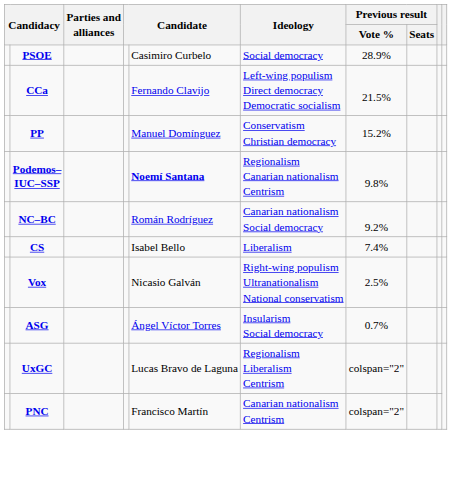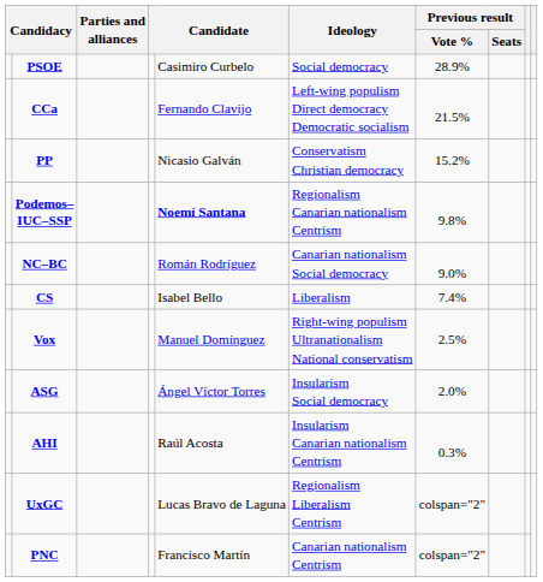 <table class="wikitable" style="line-height:1.35em; text-align:left;">
 <tr>
 <th colspan="2" rowspan="2">Candidacy</th>
 <th rowspan="2">Parties and<br>alliances</th>
 <th colspan="2" rowspan="2">Candidate</th>
 <th rowspan="2">Ideology</th>
 <th colspan="2">Previous result</th>
 <th rowspan="2"></th>
 <th rowspan="2"></th>
 </tr>
 <tr>
 <th>Vote %</th>
 <th>Seats</th>
 </tr>
 <tr>
 <td width="1" style="color:inherit;background:"></td>
 <td align="center"><strong><a href='#'>PSOE</a></strong></td>
 <td></td>
 <td></td>
 <td>Casimiro Curbelo</td>
 <td><a href='#'>Social democracy</a></td>
 <td align="center">28.9%</td>
 <td></td>
 <td></td>
 <td></td>
 </tr>
 <tr>
 <td style="color:inherit;background:"></td>
 <td align="center"><strong><a href='#'>CCa</a></strong></td>
 <td></td>
 <td></td>
 <td><a href='#'>Fernando Clavijo</a></td>
 <td><a href='#'>Left-wing populism</a><br><a href='#'>Direct democracy</a><br><a href='#'>Democratic socialism</a></td>
 <td align="center"><br>21.5%<br></td>
 <td></td>
 <td></td>
 <td></td>
 </tr>
 <tr>
 <td style="color:inherit;background:"></td>
 <td align="center"><strong><a href='#'>PP</a></strong></td>
 <td></td>
 <td></td>
-<td><a href='#'>Manuel Domínguez</a></td>
+<td>Nicasio Galván</td>
 <td><a href='#'>Conservatism</a><br><a href='#'>Christian democracy</a></td>
 <td align="center">15.2%</td>
 <td></td>
 <td></td>
 <td><br></td>
 </tr>
 <tr>
 <td style="color:inherit;background:"></td>
 <td align="center"><strong><a href='#'>Podemos–<br>IUC–SSP</a></strong></td>
 <td></td>
 <td></td>
 <td><strong><a href='#'>Noemí Santana</a></strong></td>
 <td><a href='#'>Regionalism</a><br><a href='#'>Canarian nationalism</a><br><a href='#'>Centrism</a></td>
 <td align="center"><br>9.8%<br></td>
 <td></td>
 <td></td>
 <td><br></td>
 </tr>
 <tr>
 <td style="color:inherit;background:"></td>
 <td align="center"><strong><a href='#'>NC–BC</a></strong></td>
 <td></td>
 <td></td>
 <td><a href='#'>Román Rodríguez</a></td>
 <td><a href='#'>Canarian nationalism</a><br><a href='#'>Social democracy</a></td>
-<td align="center"><br>9.2%<br></td>
+<td align="center"><br>9.0%<br></td>
 <td></td>
 <td></td>
 <td></td>
 </tr>
 <tr>
 <td style="color:inherit;background:"></td>
 <td align="center"><strong><a href='#'>CS</a></strong></td>
 <td></td>
 <td></td>
 <td>Isabel Bello</td>
 <td><a href='#'>Liberalism</a></td>
 <td align="center">7.4%</td>
 <td></td>
 <td></td>
 <td></td>
 </tr>
 <tr>
 <td style="color:inherit;background:"></td>
 <td align="center"><strong><a href='#'>Vox</a></strong></td>
 <td></td>
 <td></td>
-<td>Nicasio Galván</td>
+<td><a href='#'>Manuel Domínguez</a></td>
 <td><a href='#'>Right-wing populism</a><br><a href='#'>Ultranationalism</a><br><a href='#'>National conservatism</a></td>
 <td align="center">2.5%</td>
 <td></td>
 <td></td>
 <td></td>
 </tr>
 <tr>
 <td style="color:inherit;background:"></td>
 <td align="center"><strong><a href='#'>ASG</a></strong></td>
 <td></td>
 <td></td>
 <td><a href='#'>Ángel Víctor Torres</a></td>
 <td><a href='#'>Insularism</a><br><a href='#'>Social democracy</a></td>
-<td align="center">0.7%</td>
+<td align="center">2.0%</td>
 <td></td>
 <td></td>
 <td></td>
+</tr>
+<tr>
+<td style="color:inherit;background:"></td>
+<td align="center"><strong><a href='#'>AHI</a></strong></td>
+<td></td>
+<td></td>
+<td Raúl Acosta (politician)>Raúl Acosta</td>
+<td><a href='#'>Insularism</a><br><a href='#'>Canarian nationalism</a><br><a href='#'>Centrism</a></td>
+<td align="center"><br>0.3%<br></td>
+<td></td>
+<td></td>
+<td><br><br></td>
 </tr>
 <tr>
 <td style="color:inherit;background:"></td>
 <td align="center"><strong><a href='#'>UxGC</a></strong></td>
 <td></td>
 <td></td>
 <td>Lucas Bravo de Laguna</td>
 <td><a href='#'>Regionalism</a><br><a href='#'>Liberalism</a><br><a href='#'>Centrism</a></td>
 <td>colspan="2" </td>
 <td></td>
 <td><br></td>
 </tr>
 <tr>
 <td style="color:inherit;background:"></td>
 <td align="center"><strong><a href='#'>PNC</a></strong></td>
 <td></td>
 <td></td>
 <td>Francisco Martín</td>
 <td><a href='#'>Canarian nationalism</a><br><a href='#'>Centrism</a></td>
 <td>colspan="2" </td>
 <td></td>
 <td></td>
 </tr>
 </table>
